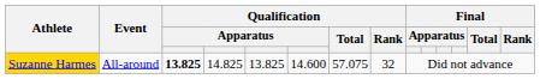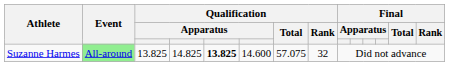 <table class="wikitable" style="font-size:90%">
 <tr>
 <th rowspan="3">Athlete</th>
 <th rowspan="3">Event</th>
 <th colspan=6>Qualification</th>
 <th colspan=6>Final</th>
 </tr>
 <tr style="font-size:95%">
 <th colspan=4>Apparatus</th>
 <th rowspan=2>Total</th>
 <th rowspan=2>Rank</th>
 <th colspan=4>Apparatus</th>
 <th rowspan=2>Total</th>
 <th rowspan=2>Rank</th>
 </tr>
 <tr style="font-size:95%">
 <th></th>
 <th></th>
 <th></th>
 <th></th>
 <th></th>
 <th></th>
 <th></th>
 <th></th>
 </tr>
 <tr align=center>
-<td align=left style="background: gold;"><a href='#'>Suzanne Harmes</a></td>
-<td align=left><a href='#'>All-around</a></td>
+<td align=left><a href='#'>Suzanne Harmes</a></td>
+<td align=left style="background: lightgreen;"><a href='#'>All-around</a></td>
+<td>13.825</td>
+<td>14.825</td>
 <td><strong>13.825</strong></td>
-<td>14.825</td>
-<td>13.825</td>
 <td>14.600</td>
 <td>57.075</td>
 <td>32</td>
 <td colspan=6>Did not advance</td>
 </tr>
 </table>
